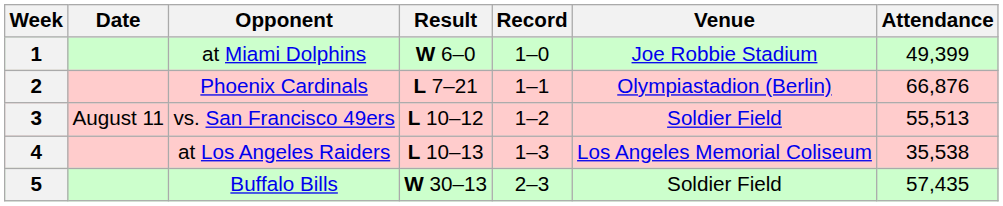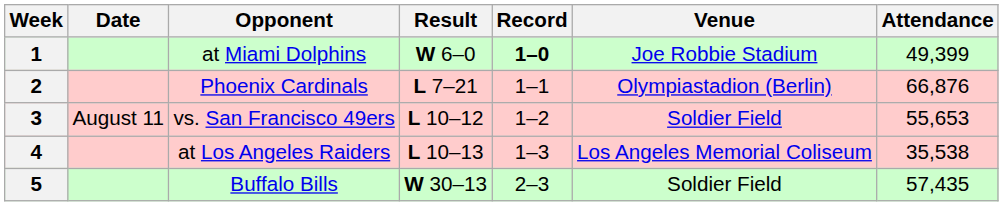 <table class="wikitable" style="text-align:center">
 <tr>
 <th>Week</th>
 <th>Date</th>
 <th>Opponent</th>
 <th>Result</th>
 <th>Record</th>
 <th>Venue</th>
 <th>Attendance</th>
 </tr>
 <tr style="background:#cfc">
 <th>1</th>
 <td></td>
 <td>at <a href='#'>Miami Dolphins</a></td>
 <td><strong>W</strong> 6–0</td>
-<td>1–0</td>
+<td><strong>1–0</strong></td>
 <td><a href='#'>Joe Robbie Stadium</a></td>
 <td>49,399</td>
 </tr>
 <tr style="background:#fcc">
 <th>2</th>
 <td></td>
 <td><a href='#'>Phoenix Cardinals</a></td>
 <td><strong>L</strong> 7–21</td>
 <td>1–1</td>
 <td><a href='#'>Olympiastadion (Berlin)</a></td>
 <td>66,876</td>
 </tr>
 <tr style="background:#fcc">
 <th>3</th>
 <td>August 11</td>
 <td>vs. <a href='#'>San Francisco 49ers</a></td>
 <td><strong>L</strong> 10–12</td>
 <td>1–2</td>
 <td><a href='#'>Soldier Field</a></td>
-<td>55,513</td>
+<td>55,653</td>
 </tr>
 <tr style="background:#fcc">
 <th>4</th>
 <td></td>
 <td>at <a href='#'>Los Angeles Raiders</a></td>
 <td><strong>L</strong> 10–13</td>
 <td>1–3</td>
 <td><a href='#'>Los Angeles Memorial Coliseum</a></td>
 <td>35,538</td>
 </tr>
 <tr style="background:#cfc">
 <th>5</th>
 <td></td>
 <td><a href='#'>Buffalo Bills</a></td>
 <td><strong>W</strong> 30–13</td>
 <td>2–3</td>
 <td>Soldier Field</td>
 <td>57,435</td>
 </tr>
 </table>
